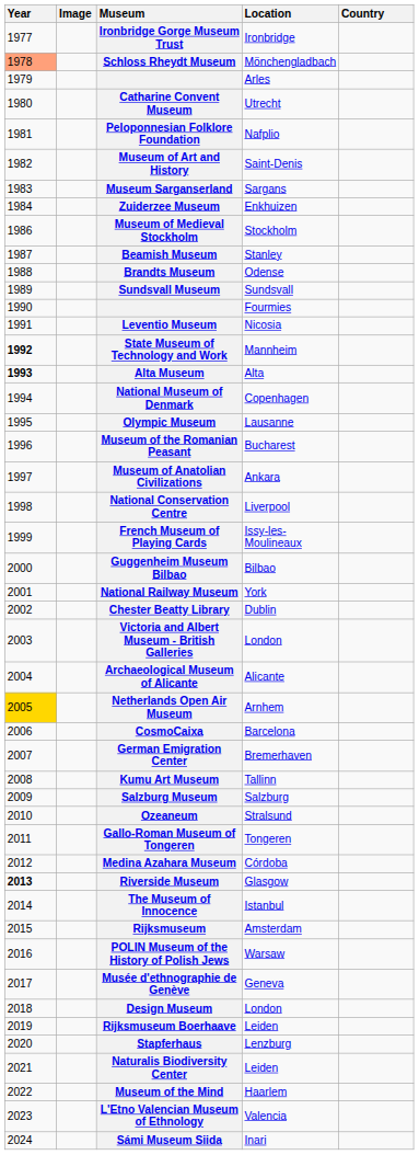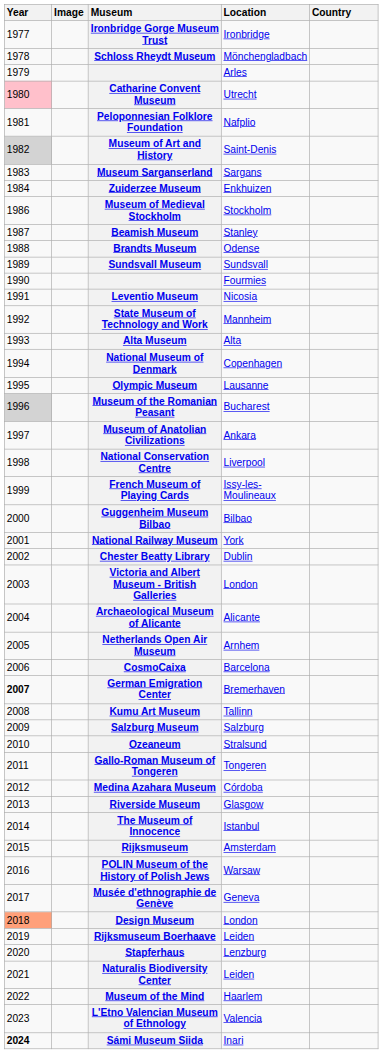 <table class="wikitable sortable plainrowheaders" style="font-size">
 <tr>
 <th style="text-align:left ; width:50pt" ; scope="col" width=>Year</th>
 <th style="text-align:left ; width:50px" ; scope="col" width=>Image</th>
 <th style="text-align:left ; width:200px" ; scope="col">Museum</th>
 <th style="text-align:left ; width:100px" ; scope="col" width=>Location</th>
 <th style="text-align:left ; width:100px" ; scope="col" width=>Country</th>
 </tr>
 <tr>
 <td align=left>1977</td>
 <td></td>
 <th scope="row"><a href='#'>Ironbridge Gorge Museum Trust</a></th>
 <td><a href='#'>Ironbridge</a></td>
 <td></td>
 </tr>
 <tr>
-<td align=left style="background: lightsalmon;">1978</td>
+<td align=left>1978</td>
 <td></td>
 <th scope="row"><a href='#'>Schloss Rheydt Museum</a></th>
 <td><a href='#'>Mönchengladbach</a></td>
 <td></td>
 </tr>
 <tr>
 <td align=left>1979</td>
 <td></td>
 <th scope="row"></th>
 <td><a href='#'>Arles</a></td>
 <td></td>
 </tr>
 <tr>
-<td align=left>1980</td>
+<td align=left style="background: pink;">1980</td>
 <td></td>
 <th scope="row"><a href='#'>Catharine Convent Museum</a></th>
 <td><a href='#'>Utrecht</a></td>
 <td></td>
 </tr>
 <tr>
 <td align=left>1981</td>
 <td></td>
 <th scope="row"><a href='#'>Peloponnesian Folklore Foundation</a></th>
 <td><a href='#'>Nafplio</a></td>
 <td></td>
 </tr>
 <tr>
-<td align=left>1982</td>
+<td align=left style="background: lightgrey;">1982</td>
 <td></td>
 <th scope="row"><a href='#'>Museum of Art and History</a></th>
 <td><a href='#'>Saint-Denis</a></td>
 <td></td>
 </tr>
 <tr>
 <td align=left>1983</td>
 <td></td>
 <th scope="row"><a href='#'>Museum Sarganserland</a></th>
 <td><a href='#'>Sargans</a></td>
 <td></td>
 </tr>
 <tr>
 <td align=left>1984</td>
 <td></td>
 <th scope="row"><a href='#'>Zuiderzee Museum</a></th>
 <td><a href='#'>Enkhuizen</a></td>
 <td></td>
 </tr>
 <tr>
 <td align=left>1986</td>
 <td></td>
 <th scope="row"><a href='#'>Museum of Medieval Stockholm</a></th>
 <td><a href='#'>Stockholm</a></td>
 <td></td>
 </tr>
 <tr>
 <td align=left>1987</td>
 <td></td>
 <th scope="row"><a href='#'>Beamish Museum</a></th>
 <td><a href='#'>Stanley</a></td>
 <td></td>
 </tr>
 <tr>
 <td align=left>1988</td>
 <td></td>
 <th scope="row"><a href='#'>Brandts Museum</a></th>
 <td><a href='#'>Odense</a></td>
 <td></td>
 </tr>
 <tr>
 <td align=left>1989</td>
 <td></td>
 <th scope="row"><a href='#'>Sundsvall Museum</a></th>
 <td><a href='#'>Sundsvall</a></td>
 <td></td>
 </tr>
 <tr>
 <td align=left>1990</td>
 <td></td>
 <th scope="row"></th>
 <td><a href='#'>Fourmies</a></td>
 <td></td>
 </tr>
 <tr>
 <td align=left>1991</td>
 <td></td>
 <th scope="row"><a href='#'>Leventio Museum</a></th>
 <td><a href='#'>Nicosia</a></td>
 <td></td>
 </tr>
 <tr>
-<td align=left><strong>1992</strong></td>
+<td align=left>1992</td>
 <td></td>
 <th scope="row"><a href='#'>State Museum of Technology and Work</a></th>
 <td><a href='#'>Mannheim</a></td>
 <td></td>
 </tr>
 <tr>
-<td align=left><strong>1993</strong></td>
+<td align=left>1993</td>
 <td></td>
 <th scope="row"><a href='#'>Alta Museum</a></th>
 <td><a href='#'>Alta</a></td>
 <td></td>
 </tr>
 <tr>
 <td align=left>1994</td>
 <td></td>
 <th scope="row"><a href='#'>National Museum of Denmark</a></th>
 <td><a href='#'>Copenhagen</a></td>
 <td></td>
 </tr>
 <tr>
 <td align=left>1995</td>
 <td></td>
 <th scope="row"><a href='#'>Olympic Museum</a></th>
 <td><a href='#'>Lausanne</a></td>
 <td></td>
 </tr>
 <tr>
-<td align=left>1996</td>
+<td align=left style="background: lightgrey;">1996</td>
 <td></td>
 <th scope="row"><a href='#'>Museum of the Romanian Peasant</a></th>
 <td><a href='#'>Bucharest</a></td>
 <td></td>
 </tr>
 <tr>
 <td align=left>1997</td>
 <td></td>
 <th scope="row"><a href='#'>Museum of Anatolian Civilizations</a></th>
 <td><a href='#'>Ankara</a></td>
 <td></td>
 </tr>
 <tr>
 <td align=left>1998</td>
 <td></td>
 <th scope="row"><a href='#'>National Conservation Centre</a></th>
 <td><a href='#'>Liverpool</a></td>
 <td></td>
 </tr>
 <tr>
 <td align=left>1999</td>
 <td></td>
 <th scope="row"><a href='#'>French Museum of Playing Cards</a></th>
 <td><a href='#'>Issy-les-Moulineaux</a></td>
 <td></td>
 </tr>
 <tr>
 <td align=left>2000</td>
 <td></td>
 <th scope="row"><a href='#'>Guggenheim Museum Bilbao</a></th>
 <td><a href='#'>Bilbao</a></td>
 <td></td>
 </tr>
 <tr>
 <td align=left>2001</td>
 <td></td>
 <th scope="row"><a href='#'>National Railway Museum</a></th>
 <td><a href='#'>York</a></td>
 <td></td>
 </tr>
 <tr>
 <td align=left>2002</td>
 <td></td>
 <th scope="row"><a href='#'>Chester Beatty Library</a></th>
 <td><a href='#'>Dublin</a></td>
 <td></td>
 </tr>
 <tr>
 <td align=left>2003</td>
 <td></td>
 <th scope="row"><a href='#'>Victoria and Albert Museum - British Galleries</a></th>
 <td><a href='#'>London</a></td>
 <td></td>
 </tr>
 <tr>
 <td align=left>2004</td>
 <td></td>
 <th scope="row"><a href='#'>Archaeological Museum of Alicante</a></th>
 <td><a href='#'>Alicante</a></td>
 <td></td>
 </tr>
 <tr>
-<td align=left style="background: gold;">2005</td>
+<td align=left>2005</td>
 <td></td>
 <th scope="row"><a href='#'>Netherlands Open Air Museum</a></th>
 <td><a href='#'>Arnhem</a></td>
 <td></td>
 </tr>
 <tr>
 <td align=left>2006</td>
 <td></td>
 <th scope="row"><a href='#'>CosmoCaixa</a></th>
 <td><a href='#'>Barcelona</a></td>
 <td></td>
 </tr>
 <tr>
-<td align=left>2007</td>
+<td align=left><strong>2007</strong></td>
 <td></td>
 <th scope="row"><a href='#'>German Emigration Center</a></th>
 <td><a href='#'>Bremerhaven</a></td>
 <td></td>
 </tr>
 <tr>
 <td align=left>2008</td>
 <td></td>
 <th scope="row"><a href='#'>Kumu Art Museum</a></th>
 <td><a href='#'>Tallinn</a></td>
 <td></td>
 </tr>
 <tr>
 <td align=left>2009</td>
 <td></td>
 <th scope="row"><a href='#'>Salzburg Museum</a></th>
 <td><a href='#'>Salzburg</a></td>
 <td></td>
 </tr>
 <tr>
 <td align=left>2010</td>
 <td></td>
 <th scope="row"><a href='#'>Ozeaneum</a></th>
 <td><a href='#'>Stralsund</a></td>
 <td></td>
 </tr>
 <tr>
 <td align=left>2011</td>
 <td></td>
 <th scope="row"><a href='#'>Gallo-Roman Museum of Tongeren</a></th>
 <td><a href='#'>Tongeren</a></td>
 <td></td>
 </tr>
 <tr>
 <td align=left>2012</td>
 <td></td>
 <th scope="row"><a href='#'>Medina Azahara Museum</a></th>
 <td><a href='#'>Córdoba</a></td>
 <td></td>
 </tr>
 <tr>
-<td align=left><strong>2013</strong></td>
+<td align=left>2013</td>
 <td></td>
 <th scope="row"><a href='#'>Riverside Museum</a></th>
 <td><a href='#'>Glasgow</a></td>
 <td></td>
 </tr>
 <tr>
 <td align=left>2014</td>
 <td></td>
 <th scope="row"><a href='#'>The Museum of Innocence</a></th>
 <td><a href='#'>Istanbul</a></td>
 <td></td>
 </tr>
 <tr>
 <td align=left>2015</td>
 <td></td>
 <th scope="row"><a href='#'>Rijksmuseum</a></th>
 <td><a href='#'>Amsterdam</a></td>
 <td></td>
 </tr>
 <tr>
 <td align=left>2016</td>
 <td></td>
 <th scope="row"><a href='#'>POLIN Museum of the History of Polish Jews</a></th>
 <td><a href='#'>Warsaw</a></td>
 <td></td>
 </tr>
 <tr>
 <td align=left>2017</td>
 <td></td>
 <th scope="row"><a href='#'>Musée d'ethnographie de Genève</a></th>
 <td><a href='#'>Geneva</a></td>
 <td></td>
 </tr>
 <tr>
-<td align=left>2018</td>
+<td align=left style="background: lightsalmon;">2018</td>
 <td></td>
 <th scope="row"><a href='#'>Design Museum</a></th>
 <td><a href='#'>London</a></td>
 <td></td>
 </tr>
 <tr>
 <td align=left>2019</td>
 <td></td>
 <th scope="row"><a href='#'>Rijksmuseum Boerhaave</a></th>
 <td><a href='#'>Leiden</a></td>
 <td></td>
 </tr>
 <tr>
 <td align=left>2020</td>
 <td></td>
 <th scope="row"><a href='#'>Stapferhaus</a></th>
 <td><a href='#'>Lenzburg</a></td>
 <td></td>
 </tr>
 <tr>
 <td align=left>2021</td>
 <td></td>
 <th scope="row"><a href='#'>Naturalis Biodiversity Center</a></th>
 <td><a href='#'>Leiden</a></td>
 <td></td>
 </tr>
 <tr>
 <td align=left>2022</td>
 <td></td>
 <th scope="row"><a href='#'>Museum of the Mind</a></th>
 <td><a href='#'>Haarlem</a></td>
 <td></td>
 </tr>
 <tr>
 <td align=left>2023</td>
 <td></td>
 <th scope="row"><a href='#'>L'Etno Valencian Museum of Ethnology</a></th>
 <td><a href='#'>Valencia</a></td>
 <td></td>
 </tr>
 <tr>
-<td align=left>2024</td>
+<td align=left><strong>2024</strong></td>
 <td></td>
 <th scope="row"><a href='#'>Sámi Museum Siida</a></th>
 <td><a href='#'>Inari</a></td>
 <td></td>
 </tr>
 </table>
